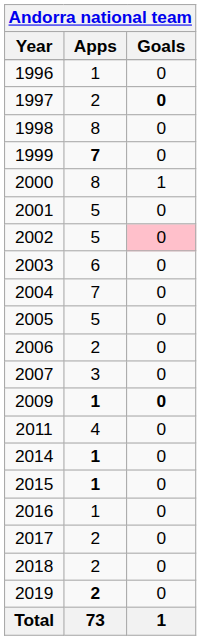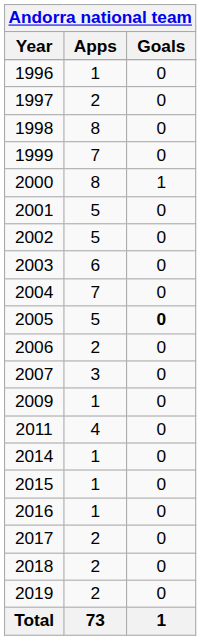 <table class="wikitable" style="text-align:center">
 <tr>
 <th colspan=3><a href='#'>Andorra national team</a></th>
 </tr>
 <tr>
 <th>Year</th>
 <th>Apps</th>
 <th>Goals</th>
 </tr>
 <tr>
 </tr>
 <tr>
 <td>1996</td>
 <td>1</td>
 <td>0</td>
 </tr>
 <tr>
 <td>1997</td>
 <td>2</td>
-<td><strong>0</strong></td>
+<td>0</td>
 </tr>
 <tr>
 <td>1998</td>
 <td>8</td>
 <td>0</td>
 </tr>
 <tr>
 <td>1999</td>
-<td><strong>7</strong></td>
+<td>7</td>
 <td>0</td>
 </tr>
 <tr>
 <td>2000</td>
 <td>8</td>
 <td>1</td>
 </tr>
 <tr>
 <td>2001</td>
 <td>5</td>
 <td>0</td>
 </tr>
 <tr>
 <td>2002</td>
 <td>5</td>
-<td style="background: pink;">0</td>
+<td>0</td>
 </tr>
 <tr>
 <td>2003</td>
 <td>6</td>
 <td>0</td>
 </tr>
 <tr>
 <td>2004</td>
 <td>7</td>
 <td>0</td>
 </tr>
 <tr>
 <td>2005</td>
 <td>5</td>
-<td>0</td>
+<td><strong>0</strong></td>
 </tr>
 <tr>
 <td>2006</td>
 <td>2</td>
 <td>0</td>
 </tr>
 <tr>
 <td>2007</td>
 <td>3</td>
 <td>0</td>
 </tr>
 <tr>
 <td>2009</td>
-<td><strong>1</strong></td>
-<td><strong>0</strong></td>
+<td>1</td>
+<td>0</td>
 </tr>
 <tr>
 <td>2011</td>
 <td>4</td>
 <td>0</td>
 </tr>
 <tr>
 <td>2014</td>
-<td><strong>1</strong></td>
+<td>1</td>
 <td>0</td>
 </tr>
 <tr>
 <td>2015</td>
-<td><strong>1</strong></td>
+<td>1</td>
 <td>0</td>
 </tr>
 <tr>
 <td>2016</td>
 <td>1</td>
 <td>0</td>
 </tr>
 <tr>
 <td>2017</td>
 <td>2</td>
 <td>0</td>
 </tr>
 <tr>
 <td>2018</td>
 <td>2</td>
 <td>0</td>
 </tr>
 <tr>
 <td>2019</td>
-<td><strong>2</strong></td>
+<td>2</td>
 <td>0</td>
 </tr>
 <tr>
 <th>Total</th>
 <th>73</th>
 <th>1</th>
 </tr>
 </table>
